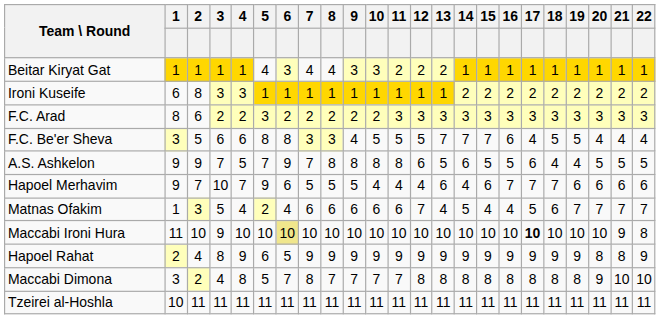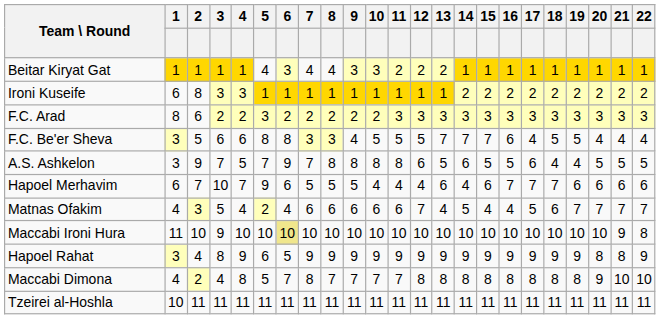 <table class="wikitable sortable" style="font-size: 74%; text-align:center;">
 <tr>
 <th rowspan="2" style="width:130px;">Team \ Round</th>
 <th align=center>1</th>
 <th align=center>2</th>
 <th align=center>3</th>
 <th align=center>4</th>
 <th align=center>5</th>
 <th align=center>6</th>
 <th align=center>7</th>
 <th align=center>8</th>
 <th align=center>9</th>
 <th align=center>10</th>
 <th align=center>11</th>
 <th align=center>12</th>
 <th align=center>13</th>
 <th align=center>14</th>
 <th align=center>15</th>
 <th align=center>16</th>
 <th align=center>17</th>
 <th align=center>18</th>
 <th align=center>19</th>
 <th align=center>20</th>
 <th align=center>21</th>
 <th align=center>22</th>
 </tr>
 <tr>
 <th style="text-align:center; height:20px;"></th>
 <th align=center></th>
 <th align=center></th>
 <th align=center></th>
 <th align=center></th>
 <th align=center></th>
 <th align=center></th>
 <th align=center></th>
 <th align=center></th>
 <th align=center></th>
 <th align=center></th>
 <th align=center></th>
 <th align=center></th>
 <th align=center></th>
 <th align=center></th>
 <th align=center></th>
 <th align=center></th>
 <th align=center></th>
 <th align=center></th>
 <th align=center></th>
 <th align=center></th>
 <th align=center></th>
 </tr>
 <tr>
 <td align=left>Beitar Kiryat Gat</td>
 <td style=background:gold>1</td>
 <td style=background:gold>1</td>
 <td style=background:gold>1</td>
 <td style=background:gold>1</td>
 <td>4</td>
 <td style=background:#ffb>3</td>
 <td>4</td>
 <td>4</td>
 <td style=background:#ffb>3</td>
 <td style=background:#ffb>3</td>
 <td style=background:#ffb>2</td>
 <td style=background:#ffb>2</td>
 <td style=background:#ffb>2</td>
 <td style=background:gold>1</td>
 <td style=background:gold>1</td>
 <td style=background:gold>1</td>
 <td style=background:gold>1</td>
 <td style=background:gold>1</td>
 <td style=background:gold>1</td>
 <td style=background:gold>1</td>
 <td style=background:gold>1</td>
 <td style=background:gold>1</td>
 </tr>
 <tr>
 <td align=left>Ironi Kuseife</td>
 <td>6</td>
 <td>8</td>
 <td style=background:#ffb>3</td>
 <td style=background:#ffb>3</td>
 <td style=background:gold>1</td>
 <td style=background:gold>1</td>
 <td style=background:gold>1</td>
 <td style=background:gold>1</td>
 <td style=background:gold>1</td>
 <td style=background:gold>1</td>
 <td style=background:gold>1</td>
 <td style=background:gold>1</td>
 <td style=background:gold>1</td>
 <td style=background:#ffb>2</td>
 <td style=background:#ffb>2</td>
 <td style=background:#ffb>2</td>
 <td style=background:#ffb>2</td>
 <td style=background:#ffb>2</td>
 <td style=background:#ffb>2</td>
 <td style=background:#ffb>2</td>
 <td style=background:#ffb>2</td>
 <td style=background:#ffb>2</td>
 </tr>
 <tr>
 <td align=left>F.C. Arad</td>
 <td>8</td>
 <td>6</td>
 <td style=background:#ffb>2</td>
 <td style=background:#ffb>2</td>
 <td style=background:#ffb>3</td>
 <td style=background:#ffb>2</td>
 <td style=background:#ffb>2</td>
 <td style=background:#ffb>2</td>
 <td style=background:#ffb>2</td>
 <td style=background:#ffb>2</td>
 <td style=background:#ffb>3</td>
 <td style=background:#ffb>3</td>
 <td style=background:#ffb>3</td>
 <td style=background:#ffb>3</td>
 <td style=background:#ffb>3</td>
 <td style=background:#ffb>3</td>
 <td style=background:#ffb>3</td>
 <td style=background:#ffb>3</td>
 <td style=background:#ffb>3</td>
 <td style=background:#ffb>3</td>
 <td style=background:#ffb>3</td>
 <td style=background:#ffb>3</td>
 </tr>
 <tr>
 <td align=left>F.C. Be'er Sheva</td>
 <td style=background:#ffb>3</td>
 <td>5</td>
 <td>6</td>
 <td>6</td>
 <td>8</td>
 <td>8</td>
 <td style=background:#ffb>3</td>
 <td style=background:#ffb>3</td>
 <td>4</td>
 <td>5</td>
 <td>5</td>
 <td>5</td>
 <td>7</td>
 <td>7</td>
 <td>7</td>
 <td>6</td>
 <td>4</td>
 <td>5</td>
 <td>5</td>
 <td>4</td>
 <td>4</td>
 <td>4</td>
 </tr>
 <tr>
 <td align=left>A.S. Ashkelon</td>
-<td>9</td>
+<td>3</td>
 <td>9</td>
 <td>7</td>
 <td>5</td>
 <td>7</td>
 <td>9</td>
 <td>7</td>
 <td>8</td>
 <td>8</td>
 <td>8</td>
 <td>8</td>
 <td>6</td>
 <td>5</td>
 <td>6</td>
 <td>5</td>
 <td>5</td>
 <td>6</td>
 <td>4</td>
 <td>4</td>
 <td>5</td>
 <td>5</td>
 <td>5</td>
 </tr>
 <tr>
 <td align=left>Hapoel Merhavim</td>
-<td>9</td>
+<td>6</td>
 <td>7</td>
 <td>10</td>
 <td>7</td>
 <td>9</td>
 <td>6</td>
 <td>5</td>
 <td>5</td>
 <td>5</td>
 <td>4</td>
 <td>4</td>
 <td>4</td>
 <td>6</td>
 <td>4</td>
 <td>6</td>
 <td>7</td>
 <td>7</td>
 <td>7</td>
 <td>6</td>
 <td>6</td>
 <td>6</td>
 <td>6</td>
 </tr>
 <tr>
 <td align=left>Matnas Ofakim</td>
-<td>1</td>
+<td>4</td>
 <td style=background:#ffb>3</td>
 <td>5</td>
 <td>4</td>
 <td style=background:#ffb>2</td>
 <td>4</td>
 <td>6</td>
 <td>6</td>
 <td>6</td>
 <td>6</td>
 <td>6</td>
 <td>7</td>
 <td>4</td>
 <td>5</td>
 <td>4</td>
 <td>4</td>
 <td>5</td>
 <td>6</td>
 <td>7</td>
 <td>7</td>
 <td>7</td>
 <td>7</td>
 </tr>
 <tr>
 <td align=left>Maccabi Ironi Hura</td>
 <td>11</td>
 <td>10</td>
 <td>9</td>
 <td>10</td>
 <td>10</td>
 <td style="background: khaki;">10</td>
 <td>10</td>
 <td>10</td>
 <td>10</td>
 <td>10</td>
 <td>10</td>
 <td>10</td>
 <td>10</td>
 <td>10</td>
 <td>10</td>
 <td>10</td>
-<td><strong>10</strong></td>
+<td>10</td>
 <td>10</td>
 <td>10</td>
 <td>10</td>
 <td>9</td>
 <td>8</td>
 </tr>
 <tr>
 <td align=left>Hapoel Rahat</td>
-<td style=background:#ffb>2</td>
+<td style=background:#ffb>3</td>
 <td>4</td>
 <td>8</td>
 <td>9</td>
 <td>6</td>
 <td>5</td>
 <td>9</td>
 <td>9</td>
 <td>9</td>
 <td>9</td>
 <td>9</td>
 <td>9</td>
 <td>9</td>
 <td>9</td>
 <td>9</td>
 <td>9</td>
 <td>9</td>
 <td>9</td>
 <td>9</td>
 <td>8</td>
 <td>8</td>
 <td>9</td>
 </tr>
 <tr>
 <td align=left>Maccabi Dimona</td>
-<td>3</td>
+<td>4</td>
 <td style=background:#ffb>2</td>
 <td>4</td>
 <td>8</td>
 <td>5</td>
 <td>7</td>
 <td>8</td>
 <td>7</td>
 <td>7</td>
 <td>7</td>
 <td>7</td>
 <td>8</td>
 <td>8</td>
 <td>8</td>
 <td>8</td>
 <td>8</td>
 <td>8</td>
 <td>8</td>
 <td>8</td>
 <td>9</td>
 <td>10</td>
 <td>10</td>
 </tr>
 <tr>
 <td align=left>Tzeirei al-Hoshla</td>
 <td>10</td>
 <td>11</td>
 <td>11</td>
 <td>11</td>
 <td>11</td>
 <td>11</td>
 <td>11</td>
 <td>11</td>
 <td>11</td>
 <td>11</td>
 <td>11</td>
 <td>11</td>
 <td>11</td>
 <td>11</td>
 <td>11</td>
 <td>11</td>
 <td>11</td>
 <td>11</td>
 <td>11</td>
 <td>11</td>
 <td>11</td>
 <td>11</td>
 </tr>
 </table>
